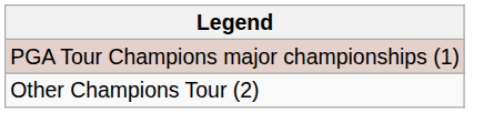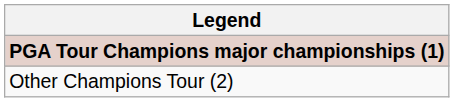 <table class="wikitable" style="font-size:95%;">
 <tr>
 <th>Legend</th>
 </tr>
 <tr style="background:#e5d1cb;">
-<td>PGA Tour Champions major championships (1)</td>
+<td><strong>PGA Tour Champions major championships (1)</strong></td>
 </tr>
 <tr>
 <td>Other Champions Tour (2)</td>
 </tr>
 </table>
